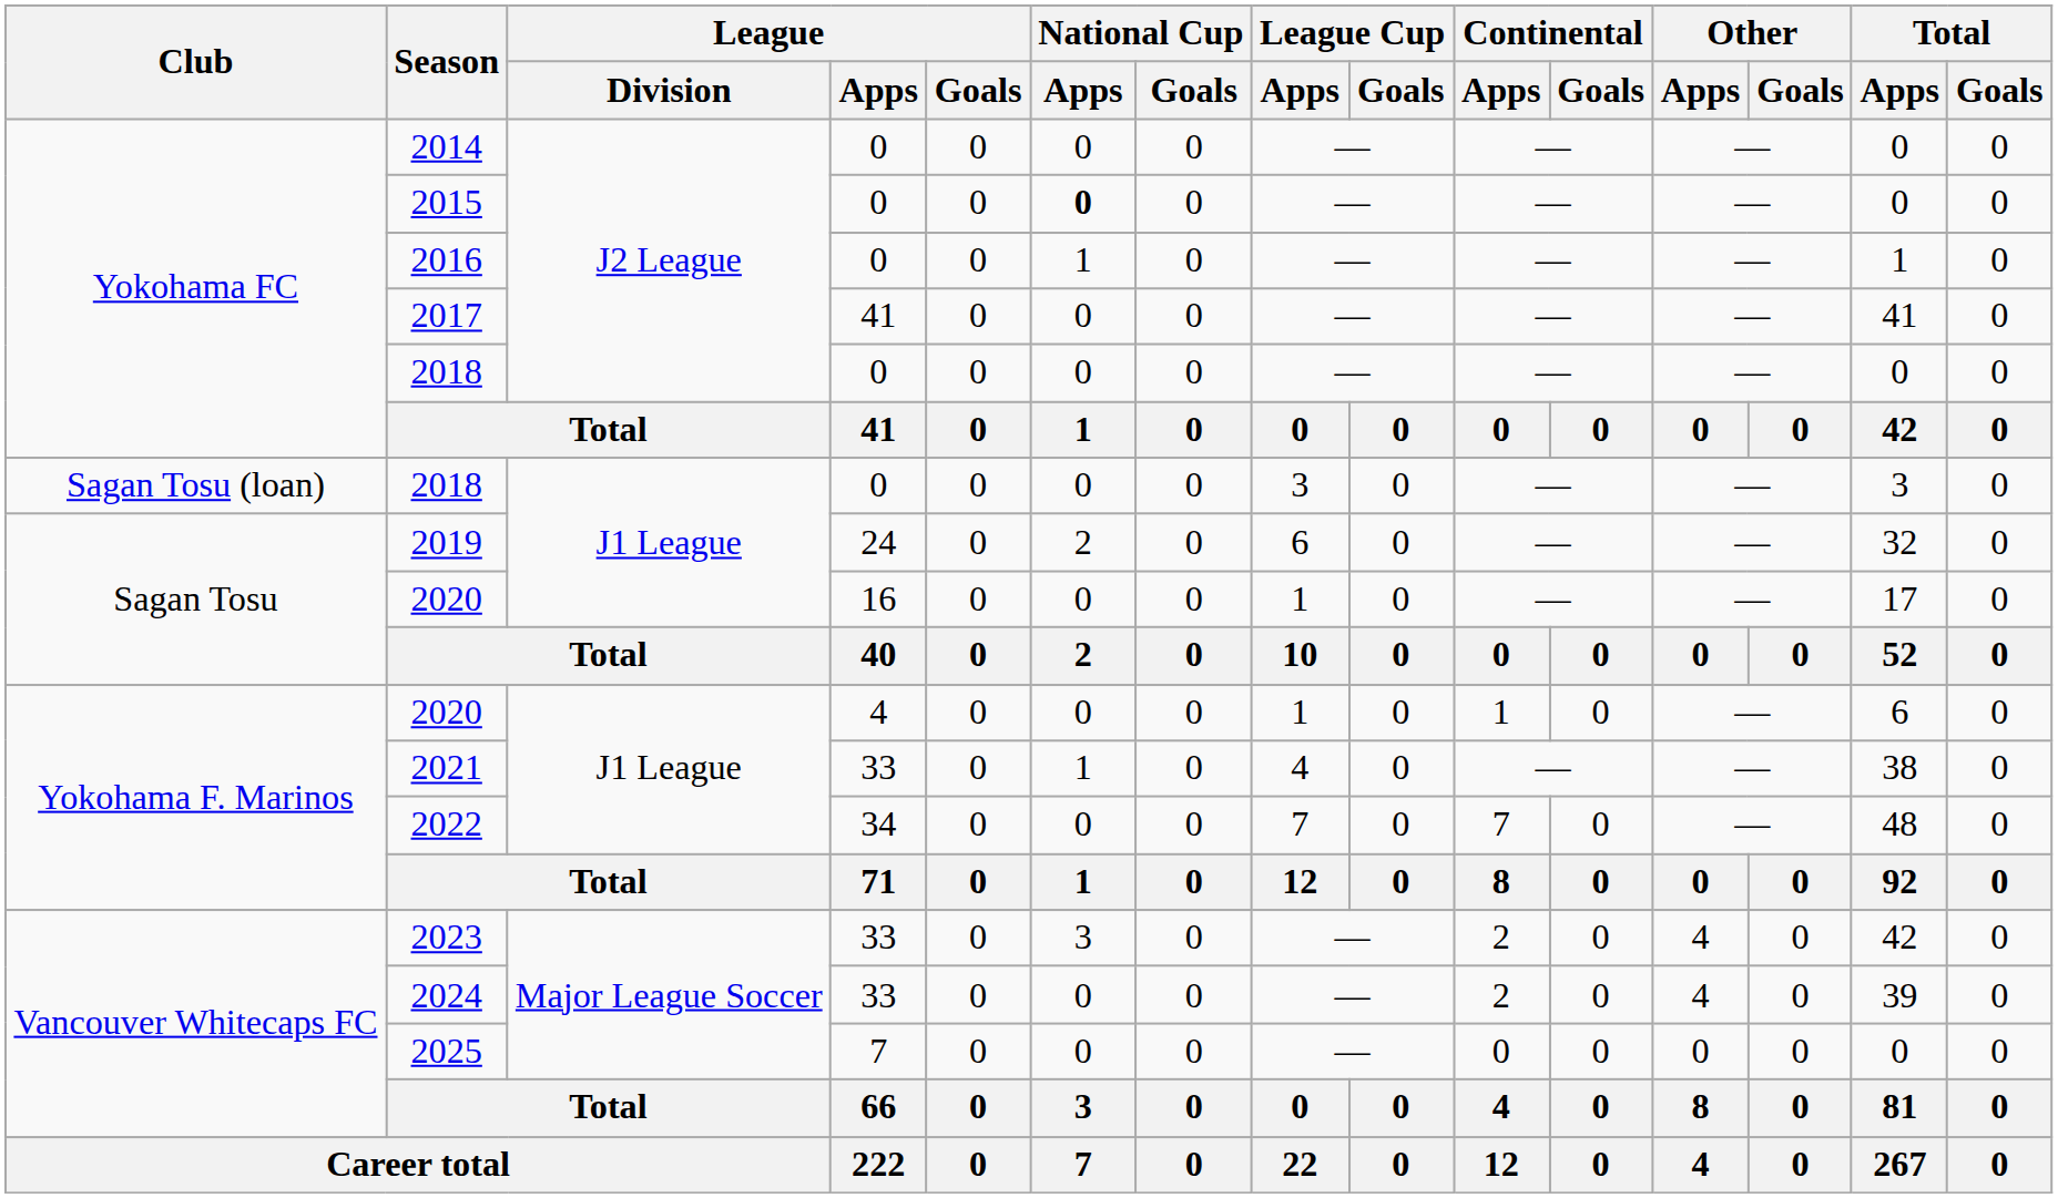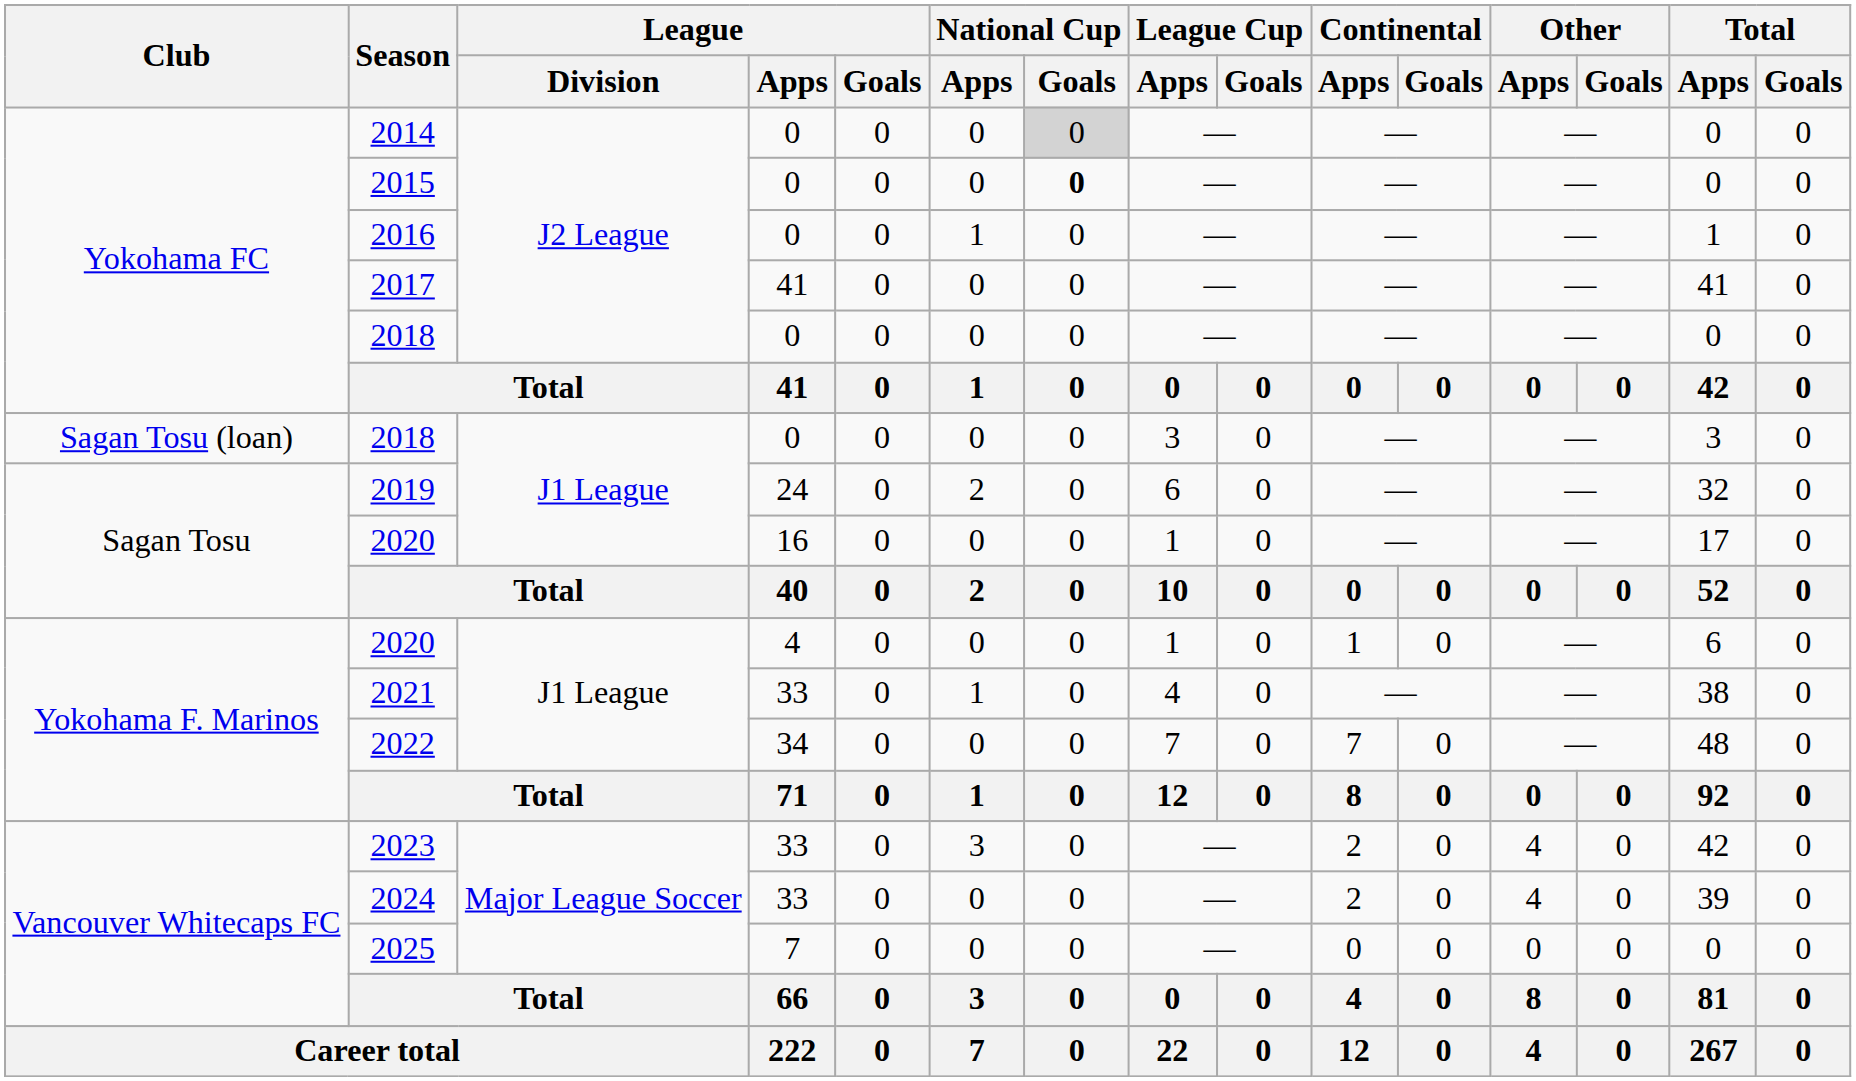 <table class="wikitable" style="text-align:center">
 <tr>
 <th rowspan=2>Club</th>
 <th rowspan=2>Season</th>
 <th colspan=3>League</th>
 <th colspan=2>National Cup</th>
 <th colspan=2>League Cup</th>
 <th colspan=2>Continental</th>
 <th colspan=2>Other</th>
 <th colspan=2>Total</th>
 </tr>
 <tr>
 <th>Division</th>
 <th>Apps</th>
 <th>Goals</th>
 <th>Apps</th>
 <th>Goals</th>
 <th>Apps</th>
 <th>Goals</th>
 <th>Apps</th>
 <th>Goals</th>
 <th>Apps</th>
 <th>Goals</th>
 <th>Apps</th>
 <th>Goals</th>
 </tr>
 <tr>
 <td rowspan="6"><a href='#'>Yokohama FC</a></td>
 <td><a href='#'>2014</a></td>
 <td rowspan="5"><a href='#'>J2 League</a></td>
 <td>0</td>
 <td>0</td>
 <td>0</td>
-<td>0</td>
+<td style="background: lightgrey;">0</td>
 <td colspan=2>—</td>
 <td colspan=2>—</td>
 <td colspan=2>—</td>
 <td>0</td>
 <td>0</td>
 </tr>
 <tr>
 <td><a href='#'>2015</a></td>
 <td>0</td>
 <td>0</td>
+<td>0</td>
 <td><strong>0</strong></td>
-<td>0</td>
 <td colspan=2>—</td>
 <td colspan=2>—</td>
 <td colspan=2>—</td>
 <td>0</td>
 <td>0</td>
 </tr>
 <tr>
 <td><a href='#'>2016</a></td>
 <td>0</td>
 <td>0</td>
 <td>1</td>
 <td>0</td>
 <td colspan=2>—</td>
 <td colspan=2>—</td>
 <td colspan=2>—</td>
 <td>1</td>
 <td>0</td>
 </tr>
 <tr>
 <td><a href='#'>2017</a></td>
 <td>41</td>
 <td>0</td>
 <td>0</td>
 <td>0</td>
 <td colspan=2>—</td>
 <td colspan=2>—</td>
 <td colspan=2>—</td>
 <td>41</td>
 <td>0</td>
 </tr>
 <tr>
 <td><a href='#'>2018</a></td>
 <td>0</td>
 <td>0</td>
 <td>0</td>
 <td>0</td>
 <td colspan=2>—</td>
 <td colspan=2>—</td>
 <td colspan=2>—</td>
 <td>0</td>
 <td>0</td>
 </tr>
 <tr>
 <th colspan=2>Total</th>
 <th>41</th>
 <th>0</th>
 <th>1</th>
 <th>0</th>
 <th>0</th>
 <th>0</th>
 <th>0</th>
 <th>0</th>
 <th>0</th>
 <th>0</th>
 <th>42</th>
 <th>0</th>
 </tr>
 <tr>
 <td><a href='#'>Sagan Tosu</a> (loan)</td>
 <td><a href='#'>2018</a></td>
 <td rowspan="3"><a href='#'>J1 League</a></td>
 <td>0</td>
 <td>0</td>
 <td>0</td>
 <td>0</td>
 <td>3</td>
 <td>0</td>
 <td colspan=2>—</td>
 <td colspan=2>—</td>
 <td>3</td>
 <td>0</td>
 </tr>
 <tr>
 <td rowspan="3">Sagan Tosu</td>
 <td><a href='#'>2019</a></td>
 <td>24</td>
 <td>0</td>
 <td>2</td>
 <td>0</td>
 <td>6</td>
 <td>0</td>
 <td colspan=2>—</td>
 <td colspan=2>—</td>
 <td>32</td>
 <td>0</td>
 </tr>
 <tr>
 <td><a href='#'>2020</a></td>
 <td>16</td>
 <td>0</td>
 <td>0</td>
 <td>0</td>
 <td>1</td>
 <td>0</td>
 <td colspan=2>—</td>
 <td colspan=2>—</td>
 <td>17</td>
 <td>0</td>
 </tr>
 <tr>
 <th colspan=2>Total</th>
 <th>40</th>
 <th>0</th>
 <th>2</th>
 <th>0</th>
 <th>10</th>
 <th>0</th>
 <th>0</th>
 <th>0</th>
 <th>0</th>
 <th>0</th>
 <th>52</th>
 <th>0</th>
 </tr>
 <tr>
 <td rowspan="4"><a href='#'>Yokohama F. Marinos</a></td>
 <td><a href='#'>2020</a></td>
 <td rowspan="3">J1 League</td>
 <td>4</td>
 <td>0</td>
 <td>0</td>
 <td>0</td>
 <td>1</td>
 <td>0</td>
 <td>1</td>
 <td>0</td>
 <td colspan=2>—</td>
 <td>6</td>
 <td>0</td>
 </tr>
 <tr>
 <td><a href='#'>2021</a></td>
 <td>33</td>
 <td>0</td>
 <td>1</td>
 <td>0</td>
 <td>4</td>
 <td>0</td>
 <td colspan=2>—</td>
 <td colspan=2>—</td>
 <td>38</td>
 <td>0</td>
 </tr>
 <tr>
 <td><a href='#'>2022</a></td>
 <td>34</td>
 <td>0</td>
 <td>0</td>
 <td>0</td>
 <td>7</td>
 <td>0</td>
 <td>7</td>
 <td>0</td>
 <td colspan=2>—</td>
 <td>48</td>
 <td>0</td>
 </tr>
 <tr>
 <th colspan=2>Total</th>
 <th>71</th>
 <th>0</th>
 <th>1</th>
 <th>0</th>
 <th>12</th>
 <th>0</th>
 <th>8</th>
 <th>0</th>
 <th>0</th>
 <th>0</th>
 <th>92</th>
 <th>0</th>
 </tr>
 <tr>
 <td rowspan="4"><a href='#'>Vancouver Whitecaps FC</a></td>
 <td><a href='#'>2023</a></td>
 <td rowspan="3"><a href='#'>Major League Soccer</a></td>
 <td>33</td>
 <td>0</td>
 <td>3</td>
 <td>0</td>
 <td colspan=2>—</td>
 <td>2</td>
 <td>0</td>
 <td>4</td>
 <td>0</td>
 <td>42</td>
 <td>0</td>
 </tr>
 <tr>
 <td><a href='#'>2024</a></td>
 <td>33</td>
 <td>0</td>
 <td>0</td>
 <td>0</td>
 <td colspan=2>—</td>
 <td>2</td>
 <td>0</td>
 <td>4</td>
 <td>0</td>
 <td>39</td>
 <td>0</td>
 </tr>
 <tr>
 <td><a href='#'>2025</a></td>
 <td>7</td>
 <td>0</td>
 <td>0</td>
 <td>0</td>
 <td colspan=2>—</td>
 <td>0</td>
 <td>0</td>
 <td>0</td>
 <td>0</td>
 <td>0</td>
 <td>0</td>
 </tr>
 <tr>
 <th colspan=2>Total</th>
 <th>66</th>
 <th>0</th>
 <th>3</th>
 <th>0</th>
 <th>0</th>
 <th>0</th>
 <th>4</th>
 <th>0</th>
 <th>8</th>
 <th>0</th>
 <th>81</th>
 <th>0</th>
 </tr>
 <tr>
 <th colspan=3>Career total</th>
 <th>222</th>
 <th>0</th>
 <th>7</th>
 <th>0</th>
 <th>22</th>
 <th>0</th>
 <th>12</th>
 <th>0</th>
 <th>4</th>
 <th>0</th>
 <th>267</th>
 <th>0</th>
 </tr>
 </table>
